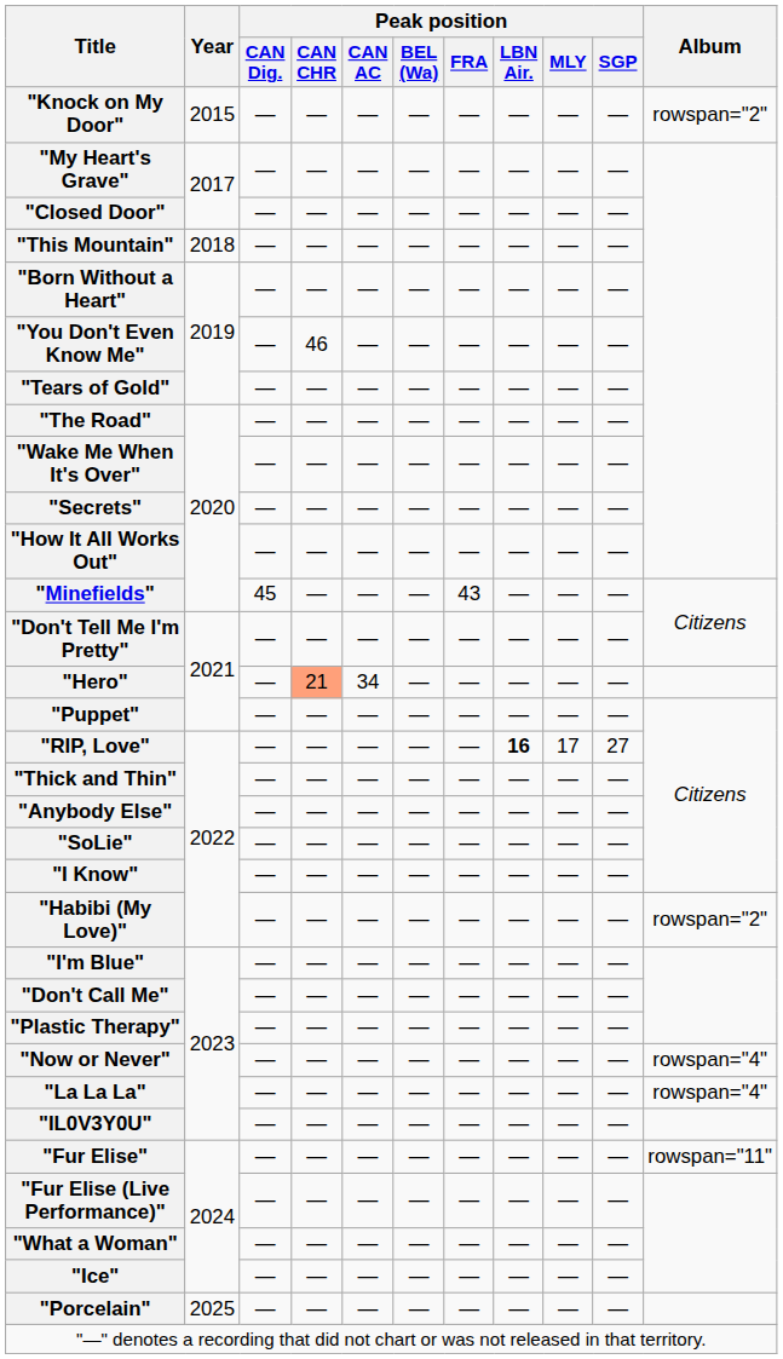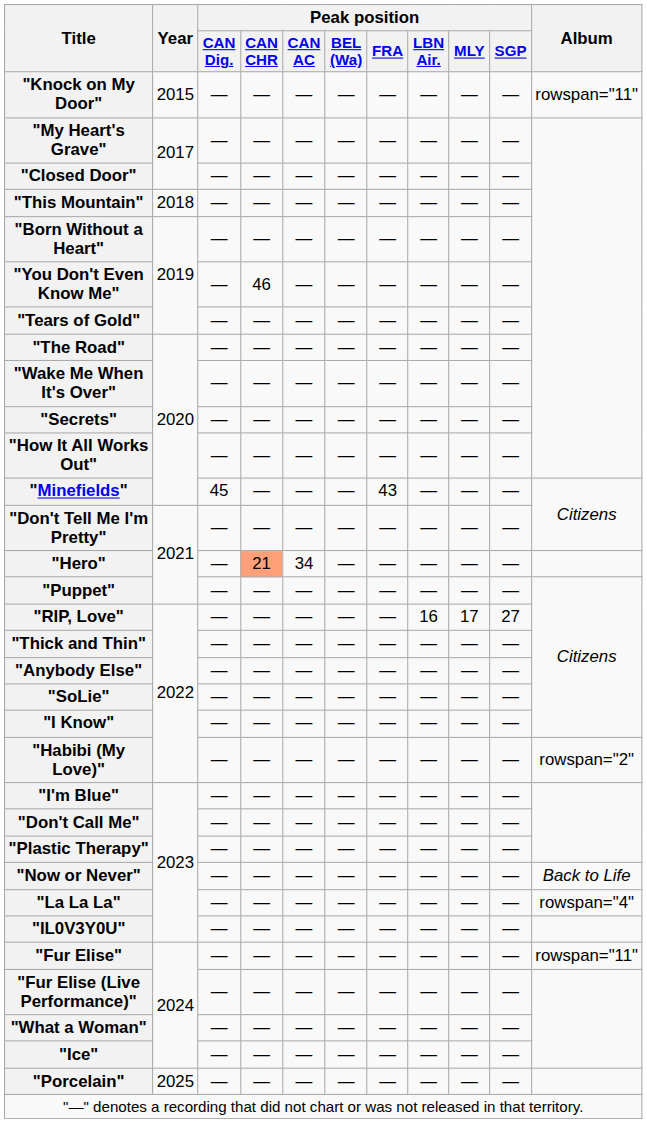 <table class="wikitable plainrowheaders" style="text-align:center;">
 <tr>
 <th scope="col" style="width:18em;" rowspan="2">Title</th>
 <th scope="col" style="width:1em;" rowspan="2">Year</th>
 <th scope="col" colspan="8">Peak position</th>
 <th scope="col" rowspan="2">Album</th>
 </tr>
 <tr>
 <th scope="col" style="width:3.5em;font-size:90%;"><a href='#'>CAN<br>Dig.</a><br></th>
 <th scope="col" style="width:3.5em;font-size:90%;"><a href='#'>CAN<br>CHR</a><br></th>
 <th scope="col" style="width:3.5em;font-size:90%;"><a href='#'>CAN<br>AC</a><br></th>
 <th scope="col" style="width:3.5em;font-size:90%;"><a href='#'>BEL<br>(Wa)</a><br></th>
 <th scope="col" style="width:3.5em;font-size:90%;"><a href='#'>FRA</a><br></th>
 <th scope="col" style="width:3.5em;font-size:90%;"><a href='#'>LBN<br>Air.</a><br></th>
 <th scope="col" style="width:3.5em;font-size:90%;"><a href='#'>MLY</a><br></th>
 <th scope="col" style="width:3.5em;font-size:90%;"><a href='#'>SGP</a><br></th>
 </tr>
 <tr>
 <th scope="row">"Knock on My Door"</th>
 <td>2015</td>
 <td>—</td>
 <td>—</td>
 <td>—</td>
 <td>—</td>
 <td>—</td>
 <td>—</td>
 <td>—</td>
 <td>—</td>
-<td>rowspan="2" </td>
+<td>rowspan="11" </td>
 </tr>
 <tr>
 <th scope="row">"My Heart's Grave"</th>
 <td rowspan="2">2017</td>
 <td>—</td>
 <td>—</td>
 <td>—</td>
 <td>—</td>
 <td>—</td>
 <td>—</td>
 <td>—</td>
 <td>—</td>
 </tr>
 <tr>
 <th scope="row">"Closed Door"</th>
 <td>—</td>
 <td>—</td>
 <td>—</td>
 <td>—</td>
 <td>—</td>
 <td>—</td>
 <td>—</td>
 <td>—</td>
 </tr>
 <tr>
 <th scope="row">"This Mountain"</th>
 <td>2018</td>
 <td>—</td>
 <td>—</td>
 <td>—</td>
 <td>—</td>
 <td>—</td>
 <td>—</td>
 <td>—</td>
 <td>—</td>
 </tr>
 <tr>
 <th scope="row">"Born Without a Heart"</th>
 <td rowspan="3">2019</td>
 <td>—</td>
 <td>—</td>
 <td>—</td>
 <td>—</td>
 <td>—</td>
 <td>—</td>
 <td>—</td>
 <td>—</td>
 </tr>
 <tr>
 <th Scope="row">"You Don't Even Know Me"</th>
 <td>—</td>
 <td>46</td>
 <td>—</td>
 <td>—</td>
 <td>—</td>
 <td>—</td>
 <td>—</td>
 <td>—</td>
 </tr>
 <tr>
 <th Scope="row">"Tears of Gold"</th>
 <td>—</td>
 <td>—</td>
 <td>—</td>
 <td>—</td>
 <td>—</td>
 <td>—</td>
 <td>—</td>
 <td>—</td>
 </tr>
 <tr>
 <th scope="row">"The Road"</th>
 <td rowspan="5">2020</td>
 <td>—</td>
 <td>—</td>
 <td>—</td>
 <td>—</td>
 <td>—</td>
 <td>—</td>
 <td>—</td>
 <td>—</td>
 </tr>
 <tr>
 <th scope="row">"Wake Me When It's Over"</th>
 <td>—</td>
 <td>—</td>
 <td>—</td>
 <td>—</td>
 <td>—</td>
 <td>—</td>
 <td>—</td>
 <td>—</td>
 </tr>
 <tr>
 <th scope="row">"Secrets"</th>
 <td>—</td>
 <td>—</td>
 <td>—</td>
 <td>—</td>
 <td>—</td>
 <td>—</td>
 <td>—</td>
 <td>—</td>
 </tr>
 <tr>
 <th scope="row">"How It All Works Out"</th>
 <td>—</td>
 <td>—</td>
 <td>—</td>
 <td>—</td>
 <td>—</td>
 <td>—</td>
 <td>—</td>
 <td>—</td>
 </tr>
 <tr>
 <th scope="row">"<a href='#'>Minefields</a>"<br></th>
 <td>45</td>
 <td>—</td>
 <td>—</td>
 <td>—</td>
 <td>43</td>
 <td>—</td>
 <td>—</td>
 <td>—</td>
 <td rowspan="2"><em>Citizens</em></td>
 </tr>
 <tr>
 <th scope="row">"Don't Tell Me I'm Pretty"</th>
 <td rowspan="3">2021</td>
 <td>—</td>
 <td>—</td>
 <td>—</td>
 <td>—</td>
 <td>—</td>
 <td>—</td>
 <td>—</td>
 <td>—</td>
 </tr>
 <tr>
 <th scope="row">"Hero"</th>
 <td>—</td>
 <td style="background: lightsalmon;">21</td>
 <td>34</td>
 <td>—</td>
 <td>—</td>
 <td>—</td>
 <td>—</td>
 <td>—</td>
 <td></td>
 </tr>
 <tr>
 <th scope="row">"Puppet"</th>
 <td>—</td>
 <td>—</td>
 <td>—</td>
 <td>—</td>
 <td>—</td>
 <td>—</td>
 <td>—</td>
 <td>—</td>
 <td rowspan="6"><em>Citizens</em></td>
 </tr>
 <tr>
 <th scope="row">"RIP, Love"</th>
 <td rowspan="6">2022</td>
 <td>—</td>
 <td>—</td>
 <td>—</td>
 <td>—</td>
 <td>—</td>
-<td><strong>16</strong></td>
+<td>16</td>
 <td>17</td>
 <td>27</td>
 </tr>
 <tr>
 <th scope="row">"Thick and Thin"</th>
 <td>—</td>
 <td>—</td>
 <td>—</td>
 <td>—</td>
 <td>—</td>
 <td>—</td>
 <td>—</td>
 <td>—</td>
 </tr>
 <tr>
 <th scope="row">"Anybody Else"</th>
 <td>—</td>
 <td>—</td>
 <td>—</td>
 <td>—</td>
 <td>—</td>
 <td>—</td>
 <td>—</td>
 <td>—</td>
 </tr>
 <tr>
 <th scope="row">"SoLie"</th>
 <td>—</td>
 <td>—</td>
 <td>—</td>
 <td>—</td>
 <td>—</td>
 <td>—</td>
 <td>—</td>
 <td>—</td>
 </tr>
 <tr>
 <th scope="row">"I Know"</th>
 <td>—</td>
 <td>—</td>
 <td>—</td>
 <td>—</td>
 <td>—</td>
 <td>—</td>
 <td>—</td>
 <td>—</td>
 </tr>
 <tr>
 <th scope="row">"Habibi (My Love)"</th>
 <td>—</td>
 <td>—</td>
 <td>—</td>
 <td>—</td>
 <td>—</td>
 <td>—</td>
 <td>—</td>
 <td>—</td>
 <td>rowspan="2" </td>
 </tr>
 <tr>
 <th scope="row">"I'm Blue"</th>
 <td rowspan="6">2023</td>
 <td>—</td>
 <td>—</td>
 <td>—</td>
 <td>—</td>
 <td>—</td>
 <td>—</td>
 <td>—</td>
 <td>—</td>
 </tr>
 <tr>
 <th scope="row">"Don't Call Me"</th>
 <td>—</td>
 <td>—</td>
 <td>—</td>
 <td>—</td>
 <td>—</td>
 <td>—</td>
 <td>—</td>
 <td>—</td>
 </tr>
 <tr>
 <th scope="row">"Plastic Therapy"</th>
 <td>—</td>
 <td>—</td>
 <td>—</td>
 <td>—</td>
 <td>—</td>
 <td>—</td>
 <td>—</td>
 <td>—</td>
 </tr>
 <tr>
 <th scope="row">"Now or Never"<br></th>
 <td>—</td>
 <td>—</td>
 <td>—</td>
 <td>—</td>
 <td>—</td>
 <td>—</td>
 <td>—</td>
 <td>—</td>
-<td>rowspan="4" </td>
+<td><em>Back to Life</em></td>
 </tr>
 <tr>
 <th scope="row">"La La La"</th>
 <td>—</td>
 <td>—</td>
 <td>—</td>
 <td>—</td>
 <td>—</td>
 <td>—</td>
 <td>—</td>
 <td>—</td>
 <td>rowspan="4" </td>
 </tr>
 <tr>
 <th scope="row">"IL0V3Y0U"</th>
 <td>—</td>
 <td>—</td>
 <td>—</td>
 <td>—</td>
 <td>—</td>
 <td>—</td>
 <td>—</td>
 <td>—</td>
 </tr>
 <tr>
 <th scope="row">"Fur Elise"</th>
 <td rowspan="4">2024</td>
 <td>—</td>
 <td>—</td>
 <td>—</td>
 <td>—</td>
 <td>—</td>
 <td>—</td>
 <td>—</td>
 <td>—</td>
 <td>rowspan="11" </td>
 </tr>
 <tr>
 <th scope="row">"Fur Elise (Live Performance)"</th>
 <td>—</td>
 <td>—</td>
 <td>—</td>
 <td>—</td>
 <td>—</td>
 <td>—</td>
 <td>—</td>
 <td>—</td>
 </tr>
 <tr>
 <th scope="row">"What a Woman"</th>
 <td>—</td>
 <td>—</td>
 <td>—</td>
 <td>—</td>
 <td>—</td>
 <td>—</td>
 <td>—</td>
 <td>—</td>
 </tr>
 <tr>
 <th scope="row">"Ice"</th>
 <td>—</td>
 <td>—</td>
 <td>—</td>
 <td>—</td>
 <td>—</td>
 <td>—</td>
 <td>—</td>
 <td>—</td>
 </tr>
 <tr>
 <th scope="row">"Porcelain"</th>
 <td>2025</td>
 <td>—</td>
 <td>—</td>
 <td>—</td>
 <td>—</td>
 <td>—</td>
 <td>—</td>
 <td>—</td>
 <td>—</td>
 <td></td>
 </tr>
 <tr>
 <td colspan="11"  style="font-size:90%">"—" denotes a recording that did not chart or was not released in that territory.</td>
 </tr>
 </table>
